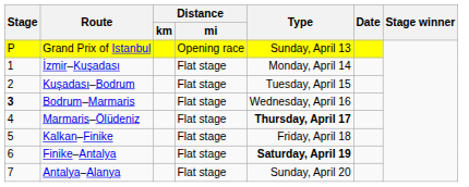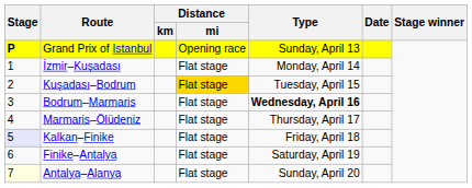 <table class="wikitable">
 <tr>
 <th rowspan=2>Stage</th>
 <th rowspan=2>Route</th>
 <th colspan=2>Distance</th>
 <th rowspan=2>Type</th>
 <th rowspan=2>Date</th>
 <th rowspan=2>Stage winner</th>
 </tr>
 <tr>
 <th>km</th>
 <th>mi</th>
 </tr>
 <tr bgcolor=yellow>
-<td>P</td>
+<td><strong>P</strong></td>
 <td>Grand Prix of <a href='#'>Istanbul</a></td>
 <td></td>
 <td>Opening race</td>
 <td align="right">Sunday, April 13</td>
 <td></td>
 </tr>
 <tr>
 <td>1</td>
 <td><a href='#'>İzmir</a>–<a href='#'>Kuşadası</a></td>
 <td></td>
 <td>Flat stage</td>
 <td align="right">Monday, April 14</td>
 <td></td>
 </tr>
 <tr>
 <td>2</td>
 <td><a href='#'>Kuşadası</a>–<a href='#'>Bodrum</a></td>
 <td></td>
-<td>Flat stage</td>
+<td style="background: gold;">Flat stage</td>
 <td align="right">Tuesday, April 15</td>
 <td></td>
 </tr>
 <tr>
-<td><strong>3</strong></td>
+<td>3</td>
 <td><a href='#'>Bodrum</a>–<a href='#'>Marmaris</a></td>
 <td></td>
 <td>Flat stage</td>
-<td align="right">Wednesday, April 16</td>
+<td align="right"><strong>Wednesday, April 16</strong></td>
 <td></td>
 </tr>
 <tr>
 <td>4</td>
 <td><a href='#'>Marmaris</a>–<a href='#'>Ölüdeniz</a></td>
 <td></td>
 <td>Flat stage</td>
-<td align="right"><strong>Thursday, April 17</strong></td>
+<td align="right">Thursday, April 17</td>
 <td></td>
 </tr>
 <tr>
-<td>5</td>
+<td style="background: lavender;">5</td>
 <td><a href='#'>Kalkan</a>–<a href='#'>Finike</a></td>
 <td></td>
 <td>Flat stage</td>
 <td align="right">Friday, April 18</td>
 <td></td>
 </tr>
 <tr>
 <td>6</td>
 <td><a href='#'>Finike</a>–<a href='#'>Antalya</a></td>
 <td></td>
 <td>Flat stage</td>
-<td align="right"><strong>Saturday, April 19</strong></td>
+<td align="right">Saturday, April 19</td>
 <td></td>
 </tr>
 <tr>
-<td>7</td>
+<td style="background: lightyellow;">7</td>
 <td><a href='#'>Antalya</a>–<a href='#'>Alanya</a></td>
 <td></td>
 <td>Flat stage</td>
 <td align="right">Sunday, April 20</td>
 <td></td>
 </tr>
 </table>
